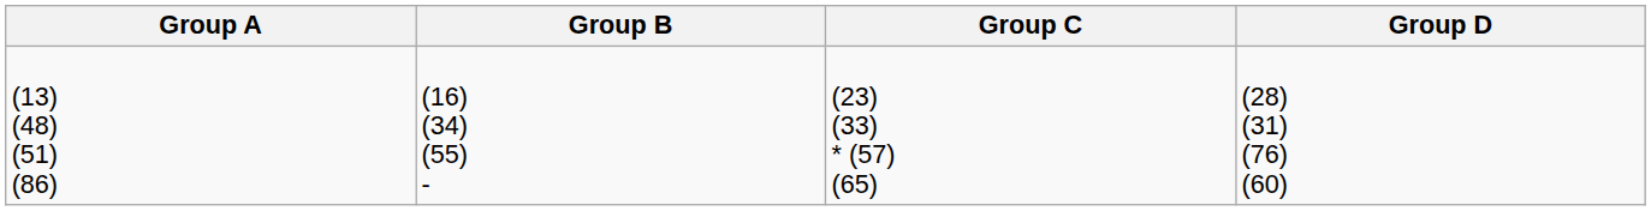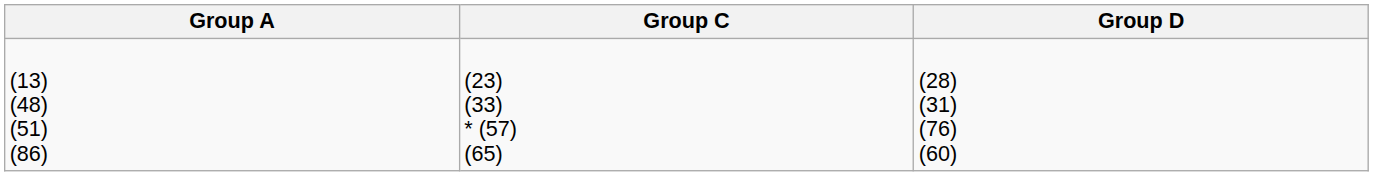 <table class="wikitable" width=80%>
 <tr>
 <th width=25%>Group A</th>
-<th width=25%>Group B</th>
 <th width=25%>Group C</th>
 <th width=25%>Group D</th>
 </tr>
 <tr>
 <td><br> (13)<br>  (48)<br>  (51)<br>  (86)</td>
-<td><br> (16)<br>  (34)<br>  (55)<br> -</td>
 <td><br> (23)<br>  (33)<br> <s></s>* (57)<br>  (65)</td>
 <td><br> (28)<br>  (31)<br>  (76)<br>  (60)</td>
 </tr>
 </table>
